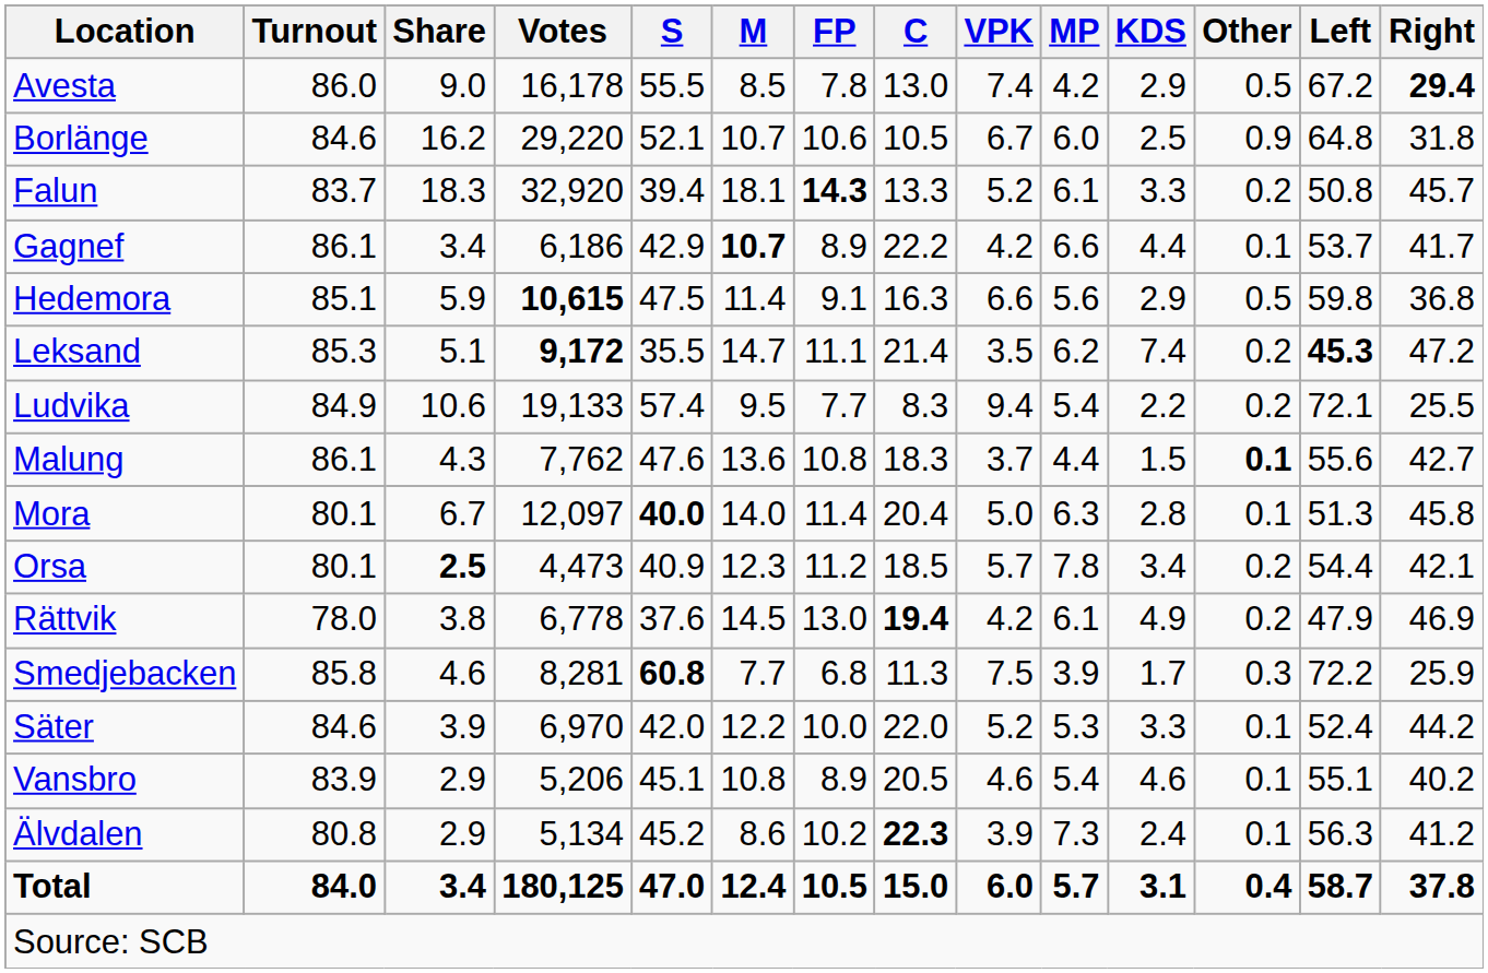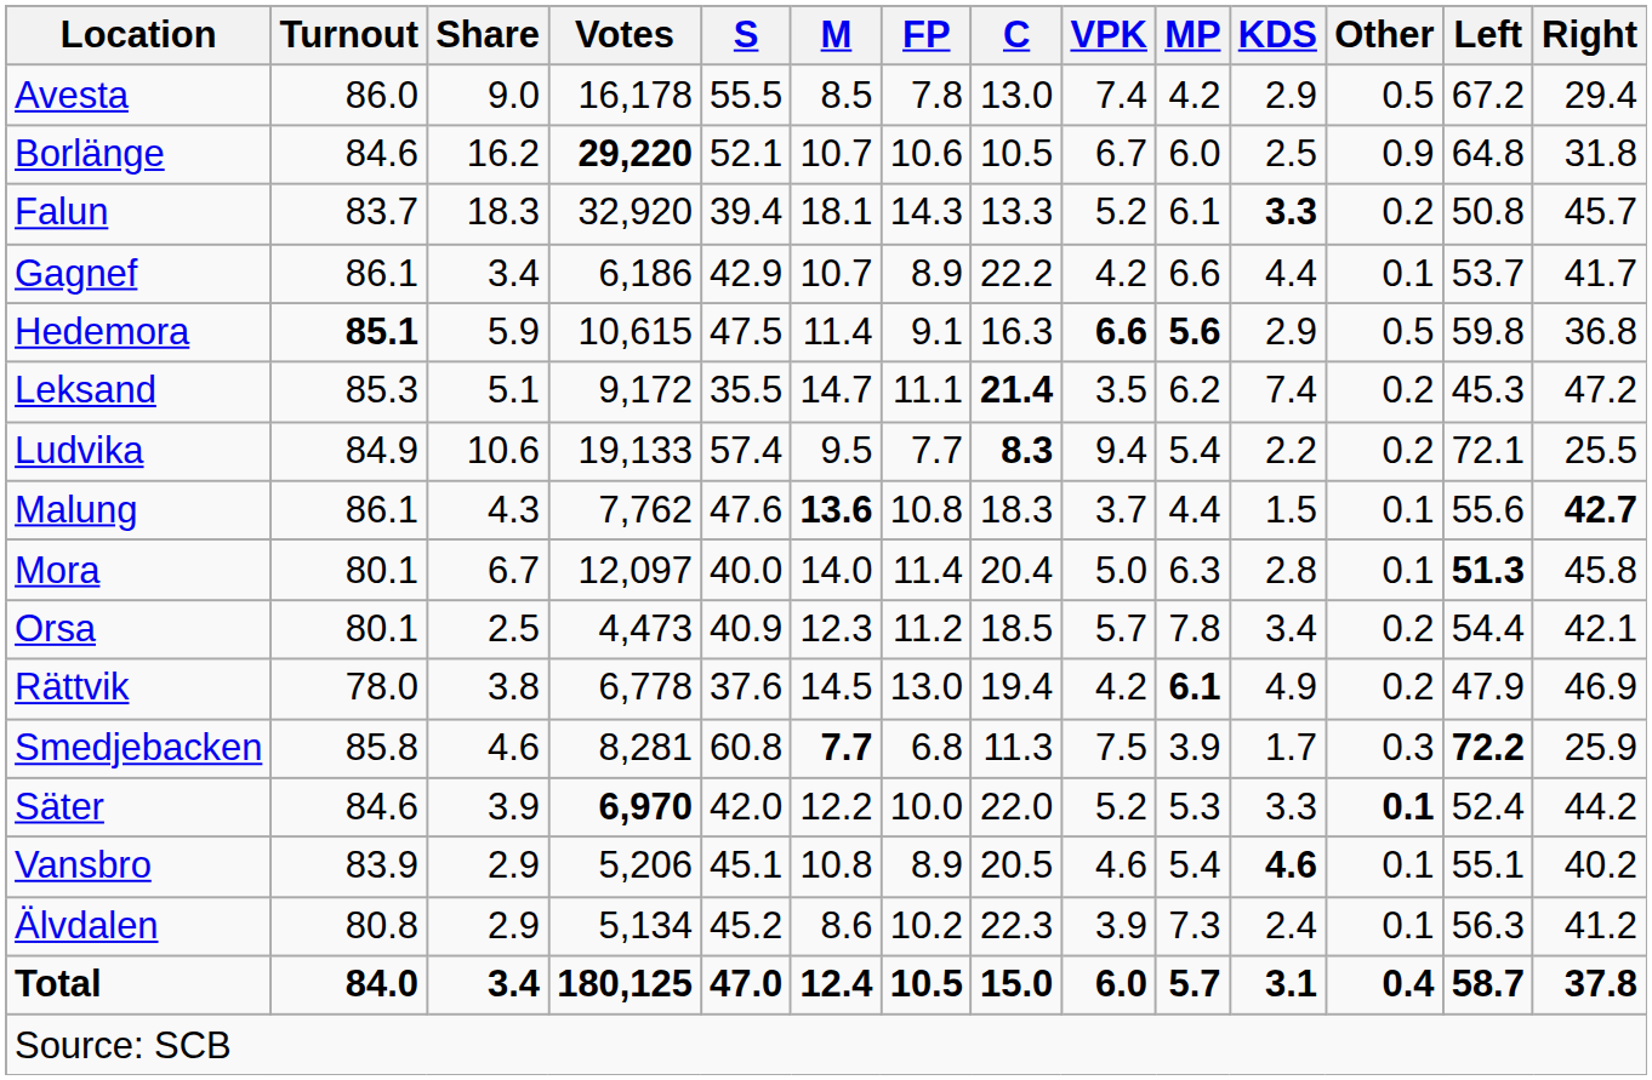 <table class="wikitable sortable" style=text-align:right>
 <tr>
 <th>Location</th>
 <th>Turnout</th>
 <th>Share</th>
 <th>Votes</th>
 <th><a href='#'>S</a></th>
 <th><a href='#'>M</a></th>
 <th><a href='#'>FP</a></th>
 <th><a href='#'>C</a></th>
 <th><a href='#'>VPK</a></th>
 <th><a href='#'>MP</a></th>
 <th><a href='#'>KDS</a></th>
 <th>Other</th>
 <th>Left</th>
 <th>Right</th>
 </tr>
 <tr>
 <td align=left><a href='#'>Avesta</a></td>
 <td>86.0</td>
 <td>9.0</td>
 <td>16,178</td>
 <td>55.5</td>
 <td>8.5</td>
 <td>7.8</td>
 <td>13.0</td>
 <td>7.4</td>
 <td>4.2</td>
 <td>2.9</td>
 <td>0.5</td>
 <td>67.2</td>
-<td><strong>29.4</strong></td>
+<td>29.4</td>
 </tr>
 <tr>
 <td align=left><a href='#'>Borlänge</a></td>
 <td>84.6</td>
 <td>16.2</td>
-<td>29,220</td>
+<td><strong>29,220</strong></td>
 <td>52.1</td>
 <td>10.7</td>
 <td>10.6</td>
 <td>10.5</td>
 <td>6.7</td>
 <td>6.0</td>
 <td>2.5</td>
 <td>0.9</td>
 <td>64.8</td>
 <td>31.8</td>
 </tr>
 <tr>
 <td align=left><a href='#'>Falun</a></td>
 <td>83.7</td>
 <td>18.3</td>
 <td>32,920</td>
 <td>39.4</td>
 <td>18.1</td>
-<td><strong>14.3</strong></td>
+<td>14.3</td>
 <td>13.3</td>
 <td>5.2</td>
 <td>6.1</td>
-<td>3.3</td>
+<td><strong>3.3</strong></td>
 <td>0.2</td>
 <td>50.8</td>
 <td>45.7</td>
 </tr>
 <tr>
 <td align=left><a href='#'>Gagnef</a></td>
 <td>86.1</td>
 <td>3.4</td>
 <td>6,186</td>
 <td>42.9</td>
-<td><strong>10.7</strong></td>
+<td>10.7</td>
 <td>8.9</td>
 <td>22.2</td>
 <td>4.2</td>
 <td>6.6</td>
 <td>4.4</td>
 <td>0.1</td>
 <td>53.7</td>
 <td>41.7</td>
 </tr>
 <tr>
 <td align=left><a href='#'>Hedemora</a></td>
-<td>85.1</td>
+<td><strong>85.1</strong></td>
 <td>5.9</td>
-<td><strong>10,615</strong></td>
+<td>10,615</td>
 <td>47.5</td>
 <td>11.4</td>
 <td>9.1</td>
 <td>16.3</td>
-<td>6.6</td>
-<td>5.6</td>
+<td><strong>6.6</strong></td>
+<td><strong>5.6</strong></td>
 <td>2.9</td>
 <td>0.5</td>
 <td>59.8</td>
 <td>36.8</td>
 </tr>
 <tr>
 <td align=left><a href='#'>Leksand</a></td>
 <td>85.3</td>
 <td>5.1</td>
-<td><strong>9,172</strong></td>
+<td>9,172</td>
 <td>35.5</td>
 <td>14.7</td>
 <td>11.1</td>
-<td>21.4</td>
+<td><strong>21.4</strong></td>
 <td>3.5</td>
 <td>6.2</td>
 <td>7.4</td>
 <td>0.2</td>
-<td><strong>45.3</strong></td>
+<td>45.3</td>
 <td>47.2</td>
 </tr>
 <tr>
 <td align=left><a href='#'>Ludvika</a></td>
 <td>84.9</td>
 <td>10.6</td>
 <td>19,133</td>
 <td>57.4</td>
 <td>9.5</td>
 <td>7.7</td>
-<td>8.3</td>
+<td><strong>8.3</strong></td>
 <td>9.4</td>
 <td>5.4</td>
 <td>2.2</td>
 <td>0.2</td>
 <td>72.1</td>
 <td>25.5</td>
 </tr>
 <tr>
 <td align=left><a href='#'>Malung</a></td>
 <td>86.1</td>
 <td>4.3</td>
 <td>7,762</td>
 <td>47.6</td>
-<td>13.6</td>
+<td><strong>13.6</strong></td>
 <td>10.8</td>
 <td>18.3</td>
 <td>3.7</td>
 <td>4.4</td>
 <td>1.5</td>
-<td><strong>0.1</strong></td>
+<td>0.1</td>
 <td>55.6</td>
-<td>42.7</td>
+<td><strong>42.7</strong></td>
 </tr>
 <tr>
 <td align=left><a href='#'>Mora</a></td>
 <td>80.1</td>
 <td>6.7</td>
 <td>12,097</td>
-<td><strong>40.0</strong></td>
+<td>40.0</td>
 <td>14.0</td>
 <td>11.4</td>
 <td>20.4</td>
 <td>5.0</td>
 <td>6.3</td>
 <td>2.8</td>
 <td>0.1</td>
-<td>51.3</td>
+<td><strong>51.3</strong></td>
 <td>45.8</td>
 </tr>
 <tr>
 <td align=left><a href='#'>Orsa</a></td>
 <td>80.1</td>
-<td><strong>2.5</strong></td>
+<td>2.5</td>
 <td>4,473</td>
 <td>40.9</td>
 <td>12.3</td>
 <td>11.2</td>
 <td>18.5</td>
 <td>5.7</td>
 <td>7.8</td>
 <td>3.4</td>
 <td>0.2</td>
 <td>54.4</td>
 <td>42.1</td>
 </tr>
 <tr>
 <td align=left><a href='#'>Rättvik</a></td>
 <td>78.0</td>
 <td>3.8</td>
 <td>6,778</td>
 <td>37.6</td>
 <td>14.5</td>
 <td>13.0</td>
-<td><strong>19.4</strong></td>
+<td>19.4</td>
 <td>4.2</td>
-<td>6.1</td>
+<td><strong>6.1</strong></td>
 <td>4.9</td>
 <td>0.2</td>
 <td>47.9</td>
 <td>46.9</td>
 </tr>
 <tr>
 <td align=left><a href='#'>Smedjebacken</a></td>
 <td>85.8</td>
 <td>4.6</td>
 <td>8,281</td>
-<td><strong>60.8</strong></td>
-<td>7.7</td>
+<td>60.8</td>
+<td><strong>7.7</strong></td>
 <td>6.8</td>
 <td>11.3</td>
 <td>7.5</td>
 <td>3.9</td>
 <td>1.7</td>
 <td>0.3</td>
-<td>72.2</td>
+<td><strong>72.2</strong></td>
 <td>25.9</td>
 </tr>
 <tr>
 <td align=left><a href='#'>Säter</a></td>
 <td>84.6</td>
 <td>3.9</td>
-<td>6,970</td>
+<td><strong>6,970</strong></td>
 <td>42.0</td>
 <td>12.2</td>
 <td>10.0</td>
 <td>22.0</td>
 <td>5.2</td>
 <td>5.3</td>
 <td>3.3</td>
-<td>0.1</td>
+<td><strong>0.1</strong></td>
 <td>52.4</td>
 <td>44.2</td>
 </tr>
 <tr>
 <td align=left><a href='#'>Vansbro</a></td>
 <td>83.9</td>
 <td>2.9</td>
 <td>5,206</td>
 <td>45.1</td>
 <td>10.8</td>
 <td>8.9</td>
 <td>20.5</td>
 <td>4.6</td>
 <td>5.4</td>
-<td>4.6</td>
+<td><strong>4.6</strong></td>
 <td>0.1</td>
 <td>55.1</td>
 <td>40.2</td>
 </tr>
 <tr>
 <td align=left><a href='#'>Älvdalen</a></td>
 <td>80.8</td>
 <td>2.9</td>
 <td>5,134</td>
 <td>45.2</td>
 <td>8.6</td>
 <td>10.2</td>
-<td><strong>22.3</strong></td>
+<td>22.3</td>
 <td>3.9</td>
 <td>7.3</td>
 <td>2.4</td>
 <td>0.1</td>
 <td>56.3</td>
 <td>41.2</td>
 </tr>
 <tr>
 <td align=left><strong>Total</strong></td>
 <td><strong>84.0</strong></td>
 <td><strong>3.4</strong></td>
 <td><strong>180,125</strong></td>
 <td><strong>47.0</strong></td>
 <td><strong>12.4</strong></td>
 <td><strong>10.5</strong></td>
 <td><strong>15.0</strong></td>
 <td><strong>6.0</strong></td>
 <td><strong>5.7</strong></td>
 <td><strong>3.1</strong></td>
 <td><strong>0.4</strong></td>
 <td><strong>58.7</strong></td>
 <td><strong>37.8</strong></td>
 </tr>
 <tr>
 <td align=left colspan=14>Source: SCB </td>
 </tr>
 </table>
